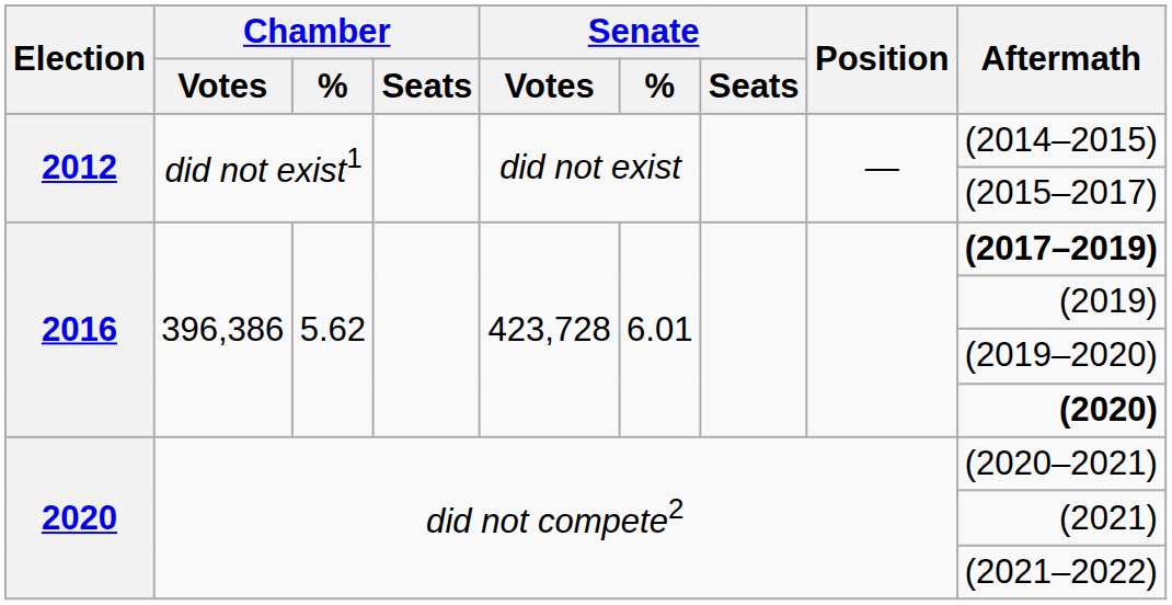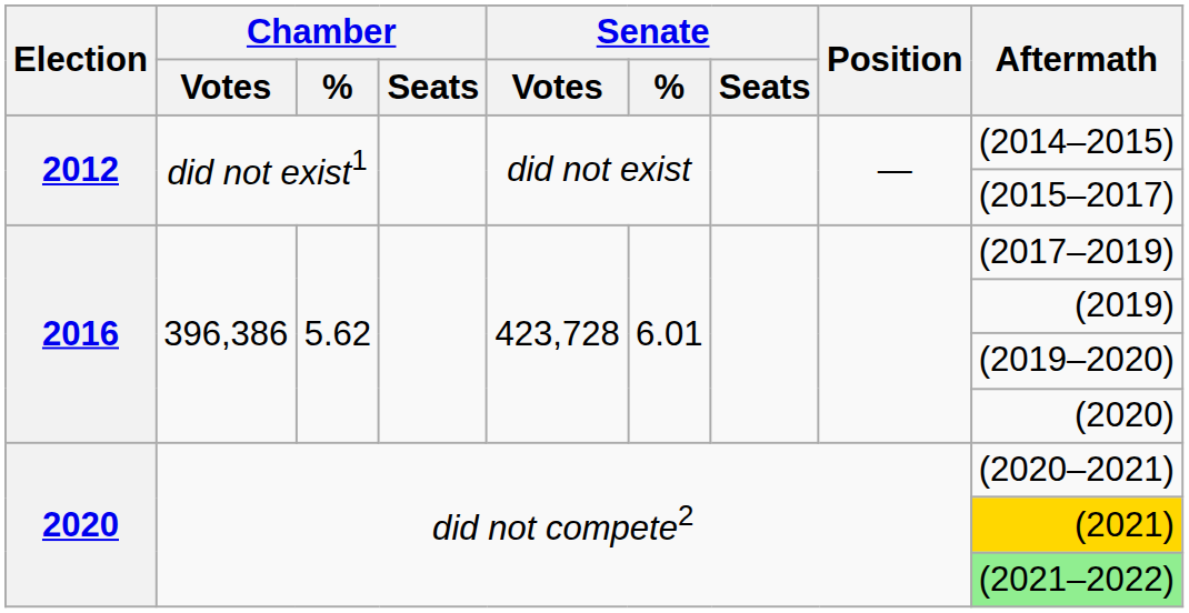 <table class="wikitable" style="text-align: right;">
 <tr>
 <th rowspan="2">Election</th>
 <th colspan="3"><a href='#'>Chamber</a></th>
 <th colspan="3"><a href='#'>Senate</a></th>
 <th rowspan="2">Position</th>
 <th rowspan="2">Aftermath</th>
 </tr>
 <tr>
 <th>Votes</th>
 <th>%</th>
 <th>Seats</th>
 <th>Votes</th>
 <th>%</th>
 <th>Seats</th>
 </tr>
 <tr>
 <th rowspan=2><a href='#'>2012</a></th>
 <td rowspan=2; colspan=2; style="text-align: center;"><em>did not exist</em><sup>1</sup></td>
 <td rowspan=2></td>
 <td rowspan=2; colspan=2; style="text-align: center;"><em>did not exist</em></td>
 <td rowspan=2></td>
 <td rowspan=2; style="text-align: center;">—</td>
 <td> (2014–2015)</td>
 </tr>
 <tr>
 <td> (2015–2017)</td>
 </tr>
 <tr>
 <th rowspan=4><a href='#'>2016</a></th>
 <td rowspan=4>396,386</td>
 <td rowspan=4>5.62</td>
 <td rowspan=4></td>
 <td rowspan=4>423,728</td>
 <td rowspan=4>6.01</td>
 <td rowspan=4></td>
 <td rowspan=4; style="text-align: center;"></td>
-<td><strong> (2017–2019)</strong></td>
+<td> (2017–2019)</td>
 </tr>
 <tr>
 <td> (2019)</td>
 </tr>
 <tr>
 <td> (2019–2020)</td>
 </tr>
 <tr>
-<td><strong> (2020)</strong></td>
+<td> (2020)</td>
 </tr>
 <tr>
 <th rowspan=3><a href='#'>2020</a></th>
 <td rowspan=3; colspan=7; style="text-align: center;"><em>did not compete</em><sup>2</sup></td>
 <td> (2020–2021)</td>
 </tr>
 <tr>
-<td> (2021)</td>
+<td style="background: gold;"> (2021)</td>
 </tr>
 <tr>
-<td> (2021–2022)</td>
+<td style="background: lightgreen;"> (2021–2022)</td>
 </tr>
 </table>
